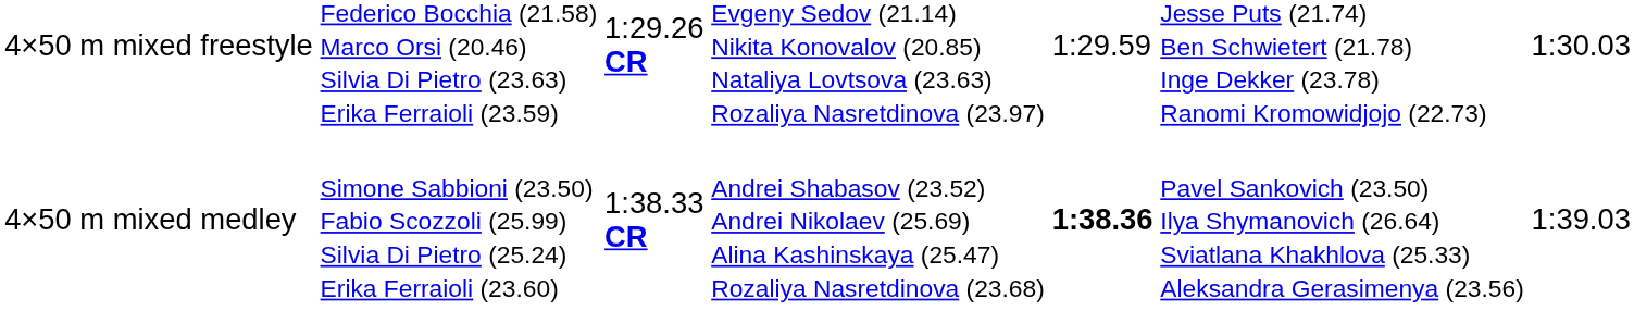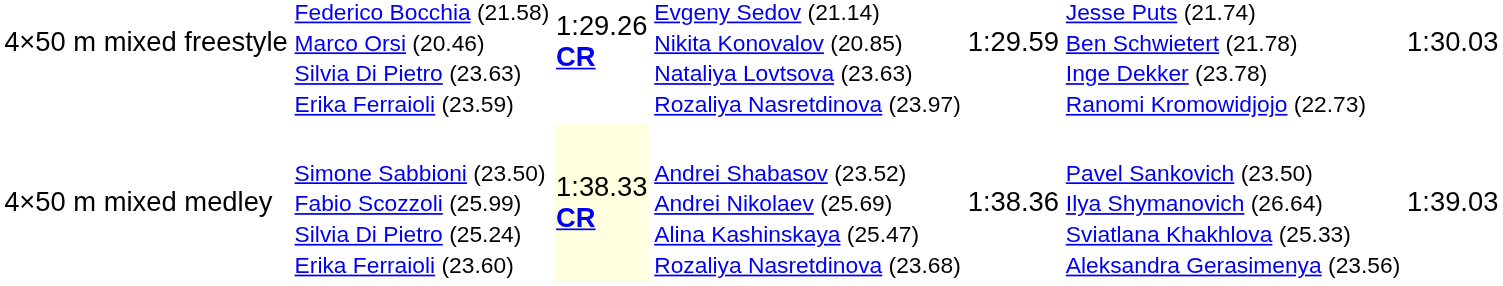 <table>
 <tr>
 <td>4×50 m mixed freestyle</td>
 <td><br><small><a href='#'>Federico Bocchia</a> (21.58)<br><a href='#'>Marco Orsi</a> (20.46)<br><a href='#'>Silvia Di Pietro</a> (23.63)<br><a href='#'>Erika Ferraioli</a> (23.59)</small></td>
 <td>1:29.26<br><strong><a href='#'>CR</a></strong></td>
 <td><br><small><a href='#'>Evgeny Sedov</a> (21.14)<br><a href='#'>Nikita Konovalov</a> (20.85)<br><a href='#'>Nataliya Lovtsova</a> (23.63)<br><a href='#'>Rozaliya Nasretdinova</a> (23.97)</small></td>
 <td>1:29.59</td>
 <td><br><small><a href='#'>Jesse Puts</a> (21.74)<br><a href='#'>Ben Schwietert</a> (21.78)<br><a href='#'>Inge Dekker</a> (23.78)<br><a href='#'>Ranomi Kromowidjojo</a> (22.73)</small></td>
 <td>1:30.03</td>
 </tr>
 <tr>
 <td>4×50 m mixed medley</td>
 <td><br><small><a href='#'>Simone Sabbioni</a> (23.50)<br><a href='#'>Fabio Scozzoli</a> (25.99)<br><a href='#'>Silvia Di Pietro</a> (25.24)<br><a href='#'>Erika Ferraioli</a> (23.60)</small></td>
-<td>1:38.33 <br><strong><a href='#'>CR</a></strong></td>
+<td style="background: lightyellow;">1:38.33 <br><strong><a href='#'>CR</a></strong></td>
 <td><br><small><a href='#'>Andrei Shabasov</a> (23.52)<br><a href='#'>Andrei Nikolaev</a> (25.69)<br><a href='#'>Alina Kashinskaya</a> (25.47)<br><a href='#'>Rozaliya Nasretdinova</a> (23.68)</small></td>
-<td><strong>1:38.36</strong></td>
+<td>1:38.36</td>
 <td><br><small><a href='#'>Pavel Sankovich</a> (23.50)<br><a href='#'>Ilya Shymanovich</a> (26.64)<br><a href='#'>Sviatlana Khakhlova</a> (25.33)<br><a href='#'>Aleksandra Gerasimenya</a> (23.56)</small></td>
 <td>1:39.03</td>
 </tr>
 </table>
